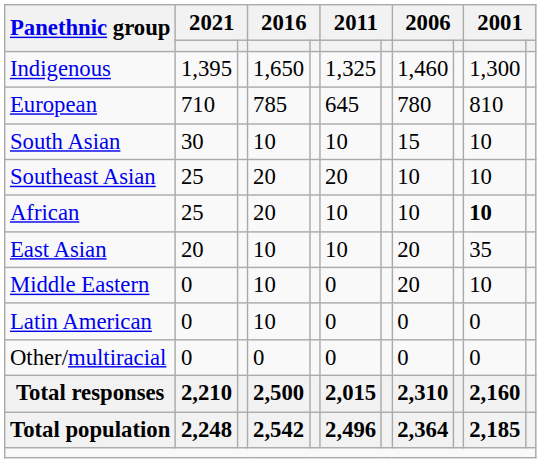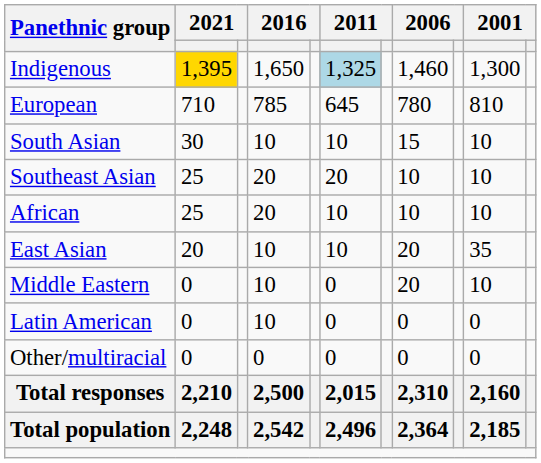 <table class="wikitable collapsible sortable">
 <tr>
 <th rowspan="2"><a href='#'>Panethnic</a> group</th>
 <th colspan="2">2021</th>
 <th colspan="2">2016</th>
 <th colspan="2">2011</th>
 <th colspan="2">2006</th>
 <th colspan="2">2001</th>
 </tr>
 <tr>
 <th><a href='#'></a></th>
 <th></th>
 <th></th>
 <th></th>
 <th></th>
 <th></th>
 <th></th>
 <th></th>
 <th></th>
 <th></th>
 </tr>
 <tr>
 <td><a href='#'>Indigenous</a></td>
-<td>1,395</td>
+<td style="background: gold;">1,395</td>
 <td></td>
 <td>1,650</td>
 <td></td>
-<td>1,325</td>
+<td style="background: lightblue;">1,325</td>
 <td></td>
 <td>1,460</td>
 <td></td>
 <td>1,300</td>
 <td></td>
 </tr>
 <tr>
 <td><a href='#'>European</a></td>
 <td>710</td>
 <td></td>
 <td>785</td>
 <td></td>
 <td>645</td>
 <td></td>
 <td>780</td>
 <td></td>
 <td>810</td>
 <td></td>
 </tr>
 <tr>
 <td><a href='#'>South Asian</a></td>
 <td>30</td>
 <td></td>
 <td>10</td>
 <td></td>
 <td>10</td>
 <td></td>
 <td>15</td>
 <td></td>
 <td>10</td>
 <td></td>
 </tr>
 <tr>
 <td><a href='#'>Southeast Asian</a></td>
 <td>25</td>
 <td></td>
 <td>20</td>
 <td></td>
 <td>20</td>
 <td></td>
 <td>10</td>
 <td></td>
 <td>10</td>
 <td></td>
 </tr>
 <tr>
 <td><a href='#'>African</a></td>
 <td>25</td>
 <td></td>
 <td>20</td>
 <td></td>
 <td>10</td>
 <td></td>
 <td>10</td>
 <td></td>
-<td><strong>10</strong></td>
+<td>10</td>
 <td></td>
 </tr>
 <tr>
 <td><a href='#'>East Asian</a></td>
 <td>20</td>
 <td></td>
 <td>10</td>
 <td></td>
 <td>10</td>
 <td></td>
 <td>20</td>
 <td></td>
 <td>35</td>
 <td></td>
 </tr>
 <tr>
 <td><a href='#'>Middle Eastern</a></td>
 <td>0</td>
 <td></td>
 <td>10</td>
 <td></td>
 <td>0</td>
 <td></td>
 <td>20</td>
 <td></td>
 <td>10</td>
 <td></td>
 </tr>
 <tr>
 <td><a href='#'>Latin American</a></td>
 <td>0</td>
 <td></td>
 <td>10</td>
 <td></td>
 <td>0</td>
 <td></td>
 <td>0</td>
 <td></td>
 <td>0</td>
 <td></td>
 </tr>
 <tr>
 <td>Other/<a href='#'>multiracial</a></td>
 <td>0</td>
 <td></td>
 <td>0</td>
 <td></td>
 <td>0</td>
 <td></td>
 <td>0</td>
 <td></td>
 <td>0</td>
 <td></td>
 </tr>
 <tr>
 <th>Total responses</th>
 <th>2,210</th>
 <th></th>
 <th>2,500</th>
 <th></th>
 <th>2,015</th>
 <th></th>
 <th>2,310</th>
 <th></th>
 <th>2,160</th>
 <th></th>
 </tr>
 <tr class="sortbottom">
 <th>Total population</th>
 <th>2,248</th>
 <th></th>
 <th>2,542</th>
 <th></th>
 <th>2,496</th>
 <th></th>
 <th>2,364</th>
 <th></th>
 <th>2,185</th>
 <th></th>
 </tr>
 <tr class="sortbottom">
 <td colspan="11"></td>
 </tr>
 </table>
